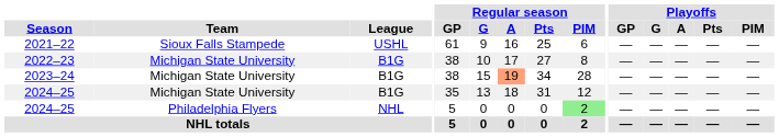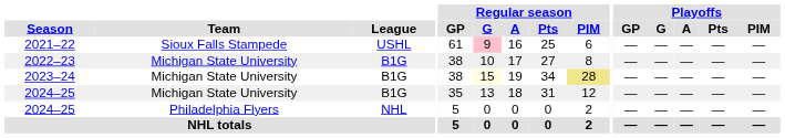 <table border="0" cellpadding="1" cellspacing="0" style="text-align:center; width:60em">
 <tr bgcolor="#e0e0e0">
 <th colspan="3" bgcolor="#ffffff"></th>
 <th rowspan="100" bgcolor="#ffffff"></th>
 <th colspan="5"><a href='#'>Regular season</a></th>
 <th rowspan="100" bgcolor="#ffffff"></th>
 <th colspan="5"><a href='#'>Playoffs</a></th>
 </tr>
 <tr bgcolor="#e0e0e0">
 <th><a href='#'>Season</a></th>
 <th>Team</th>
 <th>League</th>
 <th>GP</th>
 <th><a href='#'>G</a></th>
 <th><a href='#'>A</a></th>
 <th><a href='#'>Pts</a></th>
 <th><a href='#'>PIM</a></th>
 <th>GP</th>
 <th>G</th>
 <th>A</th>
 <th>Pts</th>
 <th>PIM</th>
 </tr>
 <tr>
 <td><a href='#'>2021–22</a></td>
 <td><a href='#'>Sioux Falls Stampede</a></td>
 <td><a href='#'>USHL</a></td>
 <td>61</td>
-<td>9</td>
+<td style="background: pink;">9</td>
 <td>16</td>
 <td>25</td>
 <td>6</td>
 <td>—</td>
 <td>—</td>
 <td>—</td>
 <td>—</td>
 <td>—</td>
 </tr>
 <tr bgcolor="#f0f0f0">
 <td><a href='#'>2022–23</a></td>
 <td><a href='#'>Michigan State University</a></td>
 <td><a href='#'>B1G</a></td>
 <td>38</td>
 <td>10</td>
 <td>17</td>
 <td>27</td>
 <td>8</td>
 <td>—</td>
 <td>—</td>
 <td>—</td>
 <td>—</td>
 <td>—</td>
 </tr>
 <tr>
 <td><a href='#'>2023–24</a></td>
 <td>Michigan State University</td>
 <td>B1G</td>
 <td>38</td>
-<td>15</td>
-<td style="background: lightsalmon;">19</td>
+<td style="background: lightyellow;">15</td>
+<td>19</td>
 <td>34</td>
-<td>28</td>
+<td style="background: khaki;">28</td>
 <td>—</td>
 <td>—</td>
 <td>—</td>
 <td>—</td>
 <td>—</td>
 </tr>
 <tr bgcolor="#f0f0f0">
 <td><a href='#'>2024–25</a></td>
 <td>Michigan State University</td>
 <td>B1G</td>
 <td>35</td>
 <td>13</td>
 <td>18</td>
 <td>31</td>
 <td>12</td>
 <td>—</td>
 <td>—</td>
 <td>—</td>
 <td>—</td>
 <td>—</td>
 </tr>
 <tr>
 <td><a href='#'>2024–25</a></td>
 <td><a href='#'>Philadelphia Flyers</a></td>
 <td><a href='#'>NHL</a></td>
 <td>5</td>
 <td>0</td>
 <td>0</td>
 <td>0</td>
-<td style="background: lightgreen;">2</td>
+<td>2</td>
 <td>—</td>
 <td>—</td>
 <td>—</td>
 <td>—</td>
 <td>—</td>
 </tr>
 <tr bgcolor="#e0e0e0">
 <th colspan="3">NHL totals</th>
 <th>5</th>
 <th>0</th>
 <th>0</th>
 <th>0</th>
 <th>2</th>
 <th>—</th>
 <th>—</th>
 <th>—</th>
 <th>—</th>
 <th>—</th>
 </tr>
 </table>
